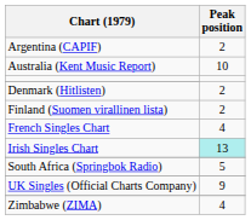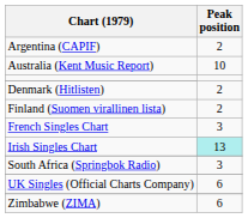 <table class="wikitable sortable">
 <tr>
 <th align="left">Chart (1979)</th>
 <th align="left">Peak<br>position</th>
 </tr>
 <tr>
 <td>Argentina (<a href='#'>CAPIF</a>)</td>
 <td align="center">2</td>
 </tr>
 <tr>
 <td>Australia (<a href='#'>Kent Music Report</a>)</td>
 <td style="text-align:center;">10</td>
 </tr>
 <tr>
 <td></td>
 </tr>
 <tr>
 </tr>
 <tr>
 <td>Denmark (<a href='#'>Hitlisten</a>)</td>
 <td align="center">2</td>
 </tr>
 <tr>
 <td>Finland (<a href='#'>Suomen virallinen lista</a>)</td>
 <td align="center">2</td>
 </tr>
 <tr>
 <td align="left"><a href='#'>French Singles Chart</a></td>
-<td align="center">4</td>
+<td align="center">3</td>
 </tr>
 <tr>
 <td align="left"><a href='#'>Irish Singles Chart</a></td>
 <td align="center" style="background: paleturquoise;">13</td>
 </tr>
 <tr>
 </tr>
 <tr>
 </tr>
 <tr>
 </tr>
 <tr>
 <td>South Africa (<a href='#'>Springbok Radio</a>)</td>
-<td align="center">5</td>
+<td align="center">3</td>
 </tr>
 <tr>
 </tr>
 <tr>
 </tr>
 <tr>
 <td align="left"><a href='#'>UK Singles</a> (Official Charts Company)</td>
-<td align="center">9</td>
+<td align="center">6</td>
 </tr>
 <tr>
 </tr>
 <tr>
 </tr>
 <tr>
 <td>Zimbabwe (<a href='#'>ZIMA</a>)</td>
-<td style="text-align:center;">4</td>
+<td style="text-align:center;">6</td>
 </tr>
 </table>
